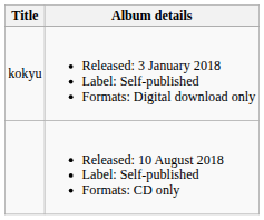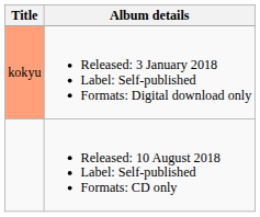 <table class="wikitable plainrowheaders">
 <tr>
 <th scope="col">Title</th>
 <th scope="col">Album details</th>
 </tr>
 <tr>
 </tr>
 <tr>
-<td>kokyu</td>
+<td style="background: lightsalmon;">kokyu</td>
 <td><br><ul><li>Released: 3 January 2018</li><li>Label: Self-published</li><li>Formats: Digital download only</li></ul></td>
 </tr>
 <tr>
 <td></td>
 <td><br><ul><li>Released: 10 August 2018</li><li>Label: Self-published</li><li>Formats: CD only</li></ul></td>
 </tr>
 </table>
